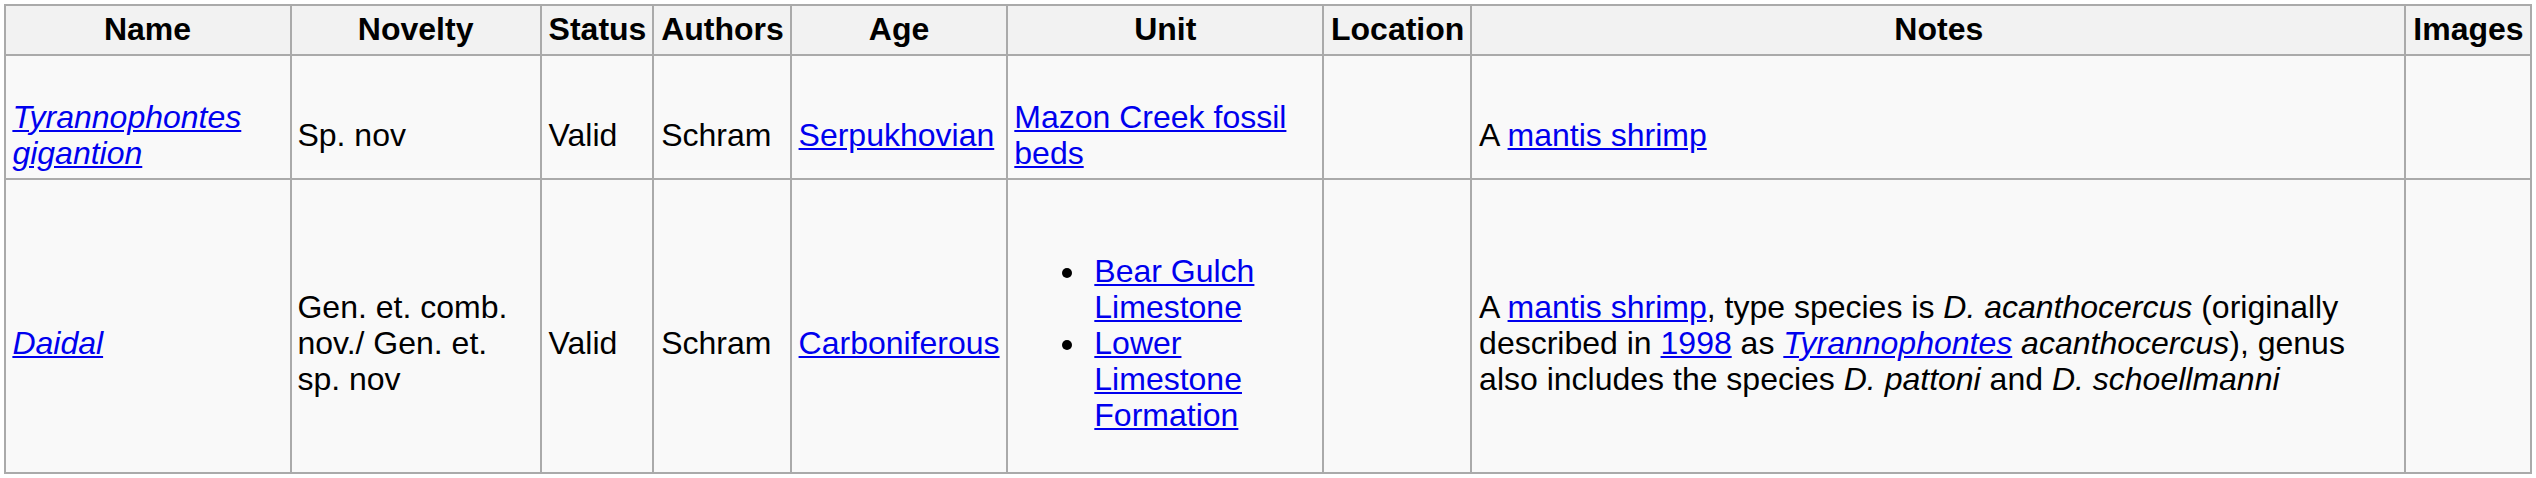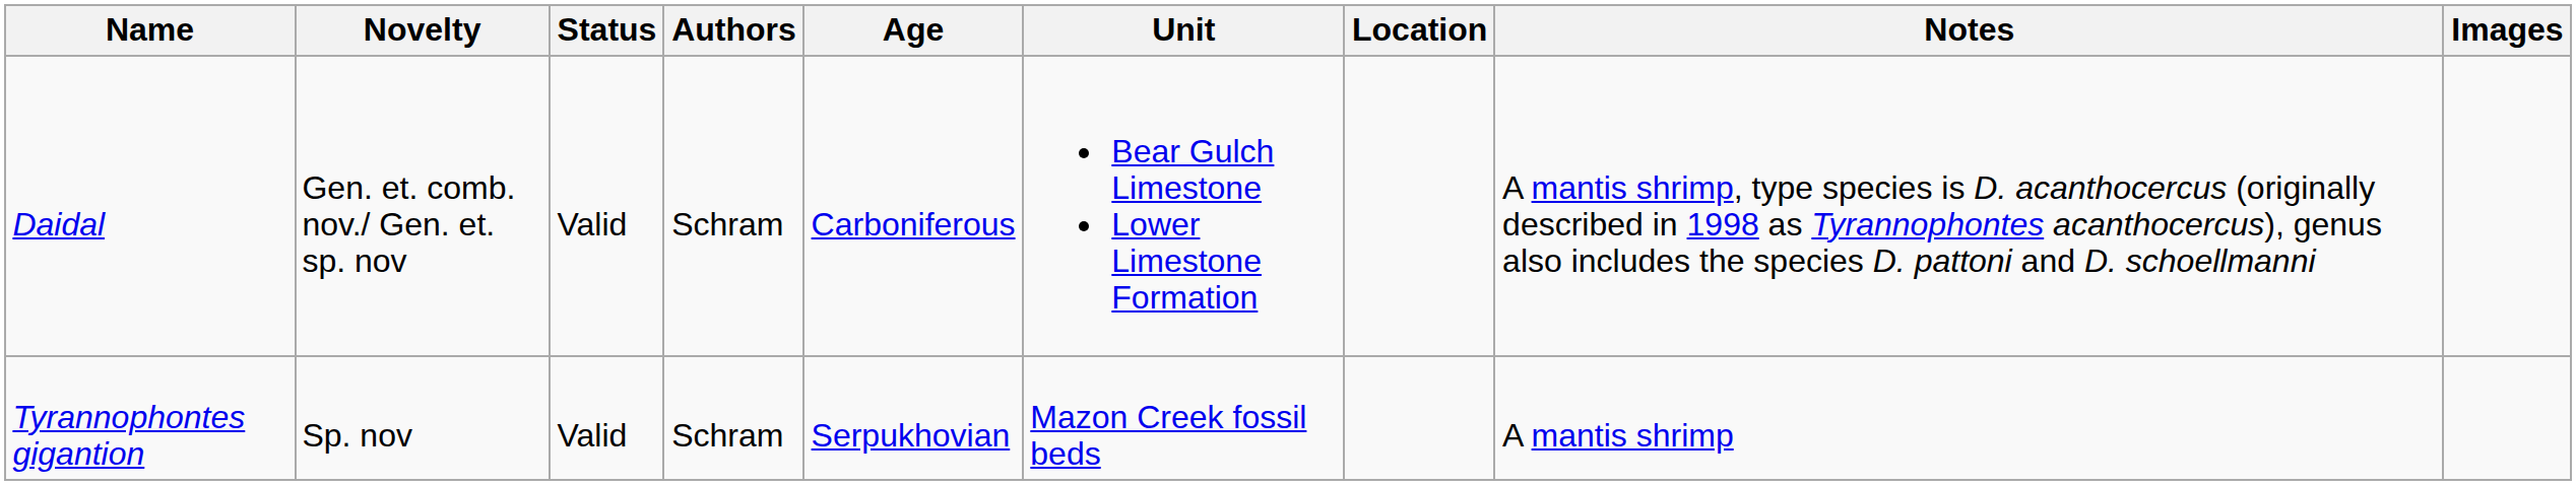 <table class="wikitable sortable" align="center" width="100%">
 <tr>
 <th>Name</th>
 <th>Novelty</th>
 <th>Status</th>
 <th>Authors</th>
 <th>Age</th>
 <th>Unit</th>
 <th>Location</th>
 <th>Notes</th>
 <th>Images</th>
 </tr>
 <tr>
+<td><br><em><a href='#'>Daidal</a></em></td>
+<td><br>Gen. et. comb. nov./ Gen. et. sp. nov</td>
+<td><br>Valid</td>
+<td><br>Schram</td>
+<td><br><a href='#'>Carboniferous</a></td>
+<td><br><ul><li><a href='#'>Bear Gulch Limestone</a></li><li><a href='#'>Lower Limestone Formation</a></li></ul></td>
+<td><br><br>  </td>
+<td><br>A <a href='#'>mantis shrimp</a>, type species is <em>D. acanthocercus</em> (originally described in <a href='#'>1998</a> as <em><a href='#'>Tyrannophontes</a> acanthocercus</em>), genus also includes the species <em>D. pattoni</em> and <em>D. schoellmanni</em></td>
+<td></td>
+</tr>
+<tr>
 <td><br><em><a href='#'>Tyrannophontes gigantion</a></em></td>
 <td><br>Sp. nov</td>
 <td><br>Valid</td>
 <td><br>Schram</td>
 <td><br><a href='#'>Serpukhovian</a></td>
 <td><br><a href='#'>Mazon Creek fossil beds</a></td>
 <td><br><br></td>
 <td><br>A <a href='#'>mantis shrimp</a></td>
 <td></td>
 </tr>
 <tr>
-<td><br><em><a href='#'>Daidal</a></em></td>
-<td><br>Gen. et. comb. nov./ Gen. et. sp. nov</td>
-<td><br>Valid</td>
-<td><br>Schram</td>
-<td><br><a href='#'>Carboniferous</a></td>
-<td><br><ul><li><a href='#'>Bear Gulch Limestone</a></li><li><a href='#'>Lower Limestone Formation</a></li></ul></td>
-<td><br><br>  </td>
-<td><br>A <a href='#'>mantis shrimp</a>, type species is <em>D. acanthocercus</em> (originally described in <a href='#'>1998</a> as <em><a href='#'>Tyrannophontes</a> acanthocercus</em>), genus also includes the species <em>D. pattoni</em> and <em>D. schoellmanni</em></td>
-<td></td>
-</tr>
-<tr>
 </tr>
 </table>
